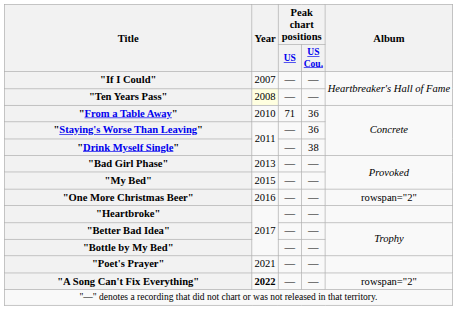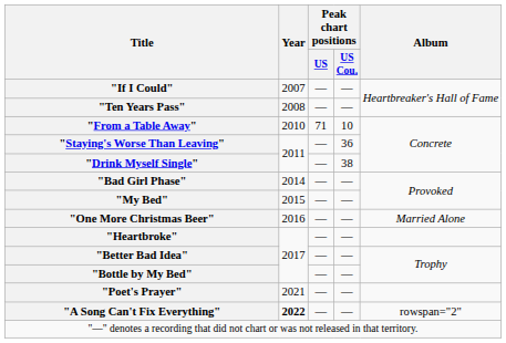 <table class="wikitable plainrowheaders" style="text-align:center;" border="1">
 <tr>
 <th scope="col" rowspan="2" style="width:23em;">Title</th>
 <th scope="col" rowspan="2">Year</th>
 <th scope="col" colspan="2">Peak chart<br>positions</th>
 <th scope="col" rowspan="2">Album</th>
 </tr>
 <tr>
 <th scope="col" style="width:2em;font-size:90%;"><a href='#'>US</a><br></th>
 <th scope="col" style="width:2em;font-size:90%;"><a href='#'>US<br>Cou.</a><br></th>
 </tr>
 <tr>
 <th scope="row">"If I Could"</th>
 <td>2007</td>
 <td>—</td>
 <td>—</td>
 <td rowspan="2"><em>Heartbreaker's Hall of Fame</em></td>
 </tr>
 <tr>
 <th scope="row">"Ten Years Pass"</th>
-<td style="background: lightyellow;">2008</td>
+<td>2008</td>
 <td>—</td>
 <td>—</td>
 </tr>
 <tr>
 <th scope="row">"<a href='#'>From a Table Away</a>"</th>
 <td>2010</td>
 <td>71</td>
-<td>36</td>
+<td>10</td>
 <td rowspan="3"><em>Concrete</em></td>
 </tr>
 <tr>
 <th scope="row">"<a href='#'>Staying's Worse Than Leaving</a>"</th>
 <td rowspan="2">2011</td>
 <td>—</td>
 <td>36</td>
 </tr>
 <tr>
 <th scope="row">"<a href='#'>Drink Myself Single</a>"</th>
 <td>—</td>
 <td>38</td>
 </tr>
 <tr>
 <th scope="row">"Bad Girl Phase"</th>
-<td>2013</td>
+<td>2014</td>
 <td>—</td>
 <td>—</td>
 <td rowspan="2"><em>Provoked</em></td>
 </tr>
 <tr>
 <th scope="row">"My Bed"<br></th>
 <td>2015</td>
 <td>—</td>
 <td>—</td>
 </tr>
 <tr>
 <th scope="row">"One More Christmas Beer"</th>
 <td>2016</td>
 <td>—</td>
 <td>—</td>
-<td>rowspan="2" </td>
+<td><em>Married Alone</em></td>
 </tr>
 <tr>
 <th scope="row">"Heartbroke"</th>
 <td rowspan="3">2017</td>
 <td>—</td>
 <td>—</td>
 </tr>
 <tr>
 <th scope="row">"Better Bad Idea"</th>
 <td>—</td>
 <td>—</td>
 <td rowspan="2"><em>Trophy</em></td>
 </tr>
 <tr>
 <th scope="row">"Bottle by My Bed"</th>
 <td>—</td>
 <td>—</td>
 </tr>
 <tr>
 <th scope="row">"Poet's Prayer"</th>
 <td>2021</td>
 <td>—</td>
 <td>—</td>
 <td></td>
 </tr>
 <tr>
 <th scope="row">"A Song Can't Fix Everything"<br></th>
 <td><strong>2022</strong></td>
 <td>—</td>
 <td>—</td>
 <td>rowspan="2" </td>
 </tr>
 <tr>
 <td colspan="5" style="font-size:90%">"—" denotes a recording that did not chart or was not released in that territory.</td>
 </tr>
 </table>
